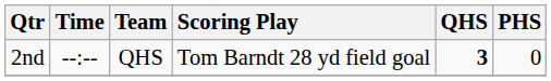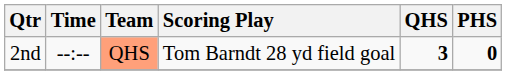 <table class="wikitable">
 <tr>
 <th style="text-align: center;">Qtr</th>
 <th style="text-align: center;">Time</th>
 <th style="text-align: center;">Team</th>
 <th style="text-align: left;">Scoring Play</th>
 <th style="text-align: right;">QHS</th>
 <th style="text-align: right;">PHS</th>
 </tr>
 <tr>
 <td style="text-align: center;">2nd</td>
 <td style="text-align: center;">--:--</td>
-<td style="text-align: center;">QHS</td>
+<td style="background: lightsalmon; text-align: center;">QHS</td>
 <td style="text-align: left;">Tom Barndt 28 yd field goal</td>
 <td style="text-align: right;"><strong>3</strong></td>
-<td style="text-align: right;">0</td>
+<td style="text-align: right;"><strong>0</strong></td>
 </tr>
 <tr>
 </tr>
 </table>
